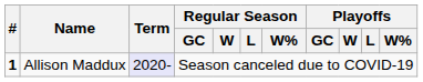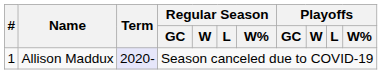 <table class="wikitable">
 <tr>
 <th rowspan="2">#</th>
 <th rowspan="2">Name</th>
 <th rowspan="2">Term</th>
 <th colspan="4">Regular Season</th>
 <th colspan="4">Playoffs</th>
 </tr>
 <tr>
 <th>GC</th>
 <th>W</th>
 <th>L</th>
 <th>W%</th>
 <th>GC</th>
 <th>W</th>
 <th>L</th>
 <th>W%</th>
 </tr>
 <tr>
-<td align="center"><strong>1</strong></td>
+<td align="center">1</td>
 <td>Allison Maddux</td>
 <td align="center" style="background: lavender;">2020-</td>
 <td colspan="8" align="center">Season canceled due to COVID-19</td>
 </tr>
 </table>
